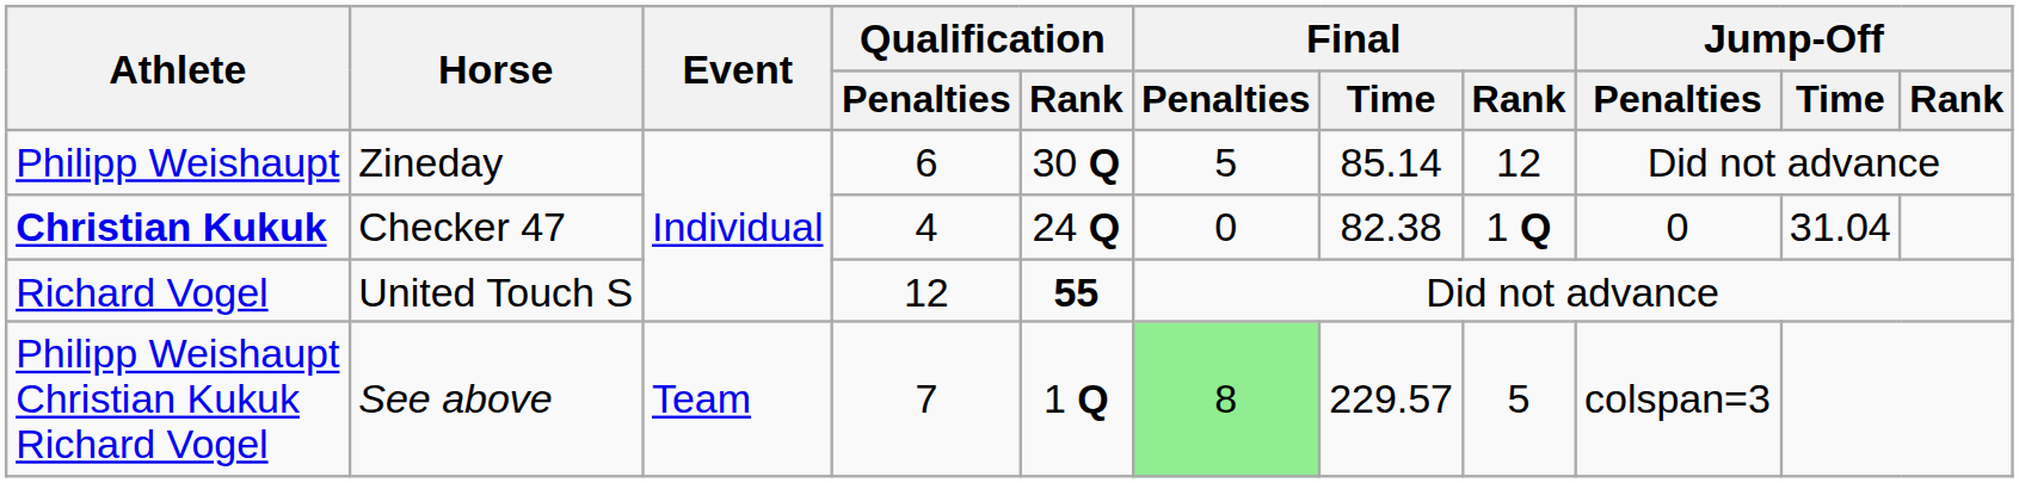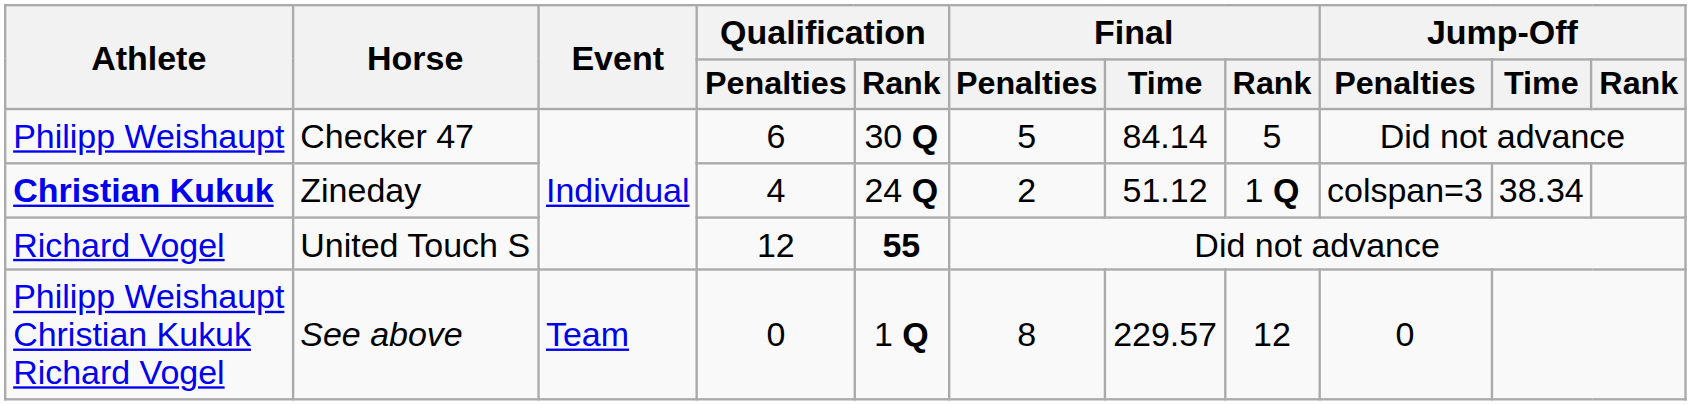 <table class="wikitable" style="font-size:90%">
 <tr>
 <th rowspan="2">Athlete</th>
 <th rowspan="2">Horse</th>
 <th rowspan="2">Event</th>
 <th colspan="2">Qualification</th>
 <th colspan="3">Final</th>
 <th colspan="3">Jump-Off</th>
 </tr>
 <tr style="font-size:95%">
 <th>Penalties</th>
 <th>Rank</th>
 <th>Penalties</th>
 <th>Time</th>
 <th>Rank</th>
 <th>Penalties</th>
 <th>Time</th>
 <th>Rank</th>
 </tr>
 <tr align=center>
 <td align=left><a href='#'>Philipp Weishaupt</a></td>
-<td align=left>Zineday</td>
+<td align=left>Checker 47</td>
 <td align=left rowspan=3><a href='#'>Individual</a></td>
 <td>6</td>
 <td>30 <strong>Q</strong></td>
 <td>5</td>
-<td>85.14</td>
-<td>12</td>
+<td>84.14</td>
+<td>5</td>
 <td colspan=3>Did not advance</td>
 </tr>
 <tr align=center>
 <td align=left><strong><a href='#'>Christian Kukuk</a></strong></td>
-<td align=left>Checker 47</td>
+<td align=left>Zineday</td>
 <td>4</td>
 <td>24 <strong>Q</strong></td>
-<td>0</td>
-<td>82.38</td>
+<td>2</td>
+<td>51.12</td>
 <td>1 <strong>Q</strong></td>
-<td>0</td>
-<td>31.04</td>
+<td>colspan=3 </td>
+<td>38.34</td>
 <td></td>
 </tr>
 <tr align=center>
 <td align=left><a href='#'>Richard Vogel</a></td>
 <td align=left>United Touch S</td>
 <td>12</td>
 <td><strong>55</strong></td>
 <td colspan=6>Did not advance</td>
 </tr>
 <tr align=center>
 <td align=left><a href='#'>Philipp Weishaupt</a><br><a href='#'>Christian Kukuk</a><br><a href='#'>Richard Vogel</a></td>
 <td align=left><em>See above</em></td>
 <td align=left><a href='#'>Team</a></td>
-<td>7</td>
+<td>0</td>
 <td>1 <strong>Q</strong></td>
-<td style="background: lightgreen;">8</td>
+<td>8</td>
 <td>229.57</td>
-<td>5</td>
-<td>colspan=3 </td>
+<td>12</td>
+<td>0</td>
 </tr>
 </table>
